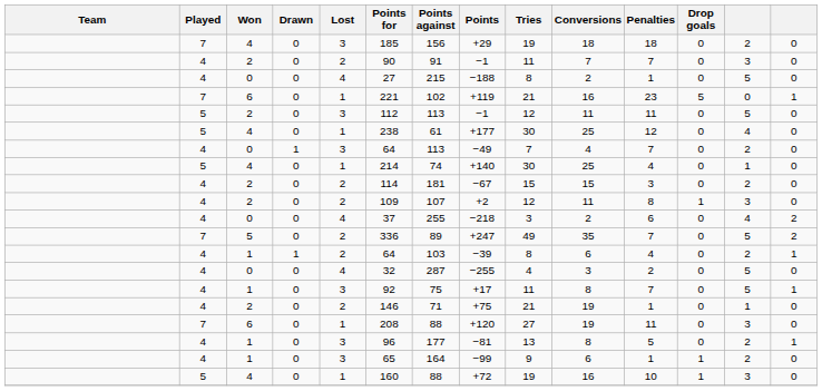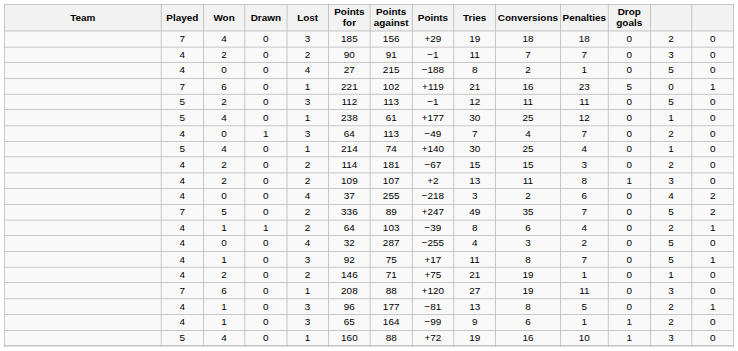 <table class="wikitable sortable" style="text-align:center">
 <tr>
 <th width=246>Team</th>
 <th width="60">Played</th>
 <th width=60>Won</th>
 <th width=60>Drawn</th>
 <th width=60>Lost</th>
 <th width=60>Points<br>for</th>
 <th width=60>Points<br>against</th>
 <th width=60>Points<br></th>
 <th width=60>Tries</th>
 <th width=60>Conversions</th>
 <th width=60>Penalties</th>
 <th width=60>Drop goals</th>
 <th width=60></th>
 <th width=60></th>
 </tr>
 <tr>
 <td align=left></td>
 <td>7</td>
 <td>4</td>
 <td>0</td>
 <td>3</td>
 <td>185</td>
 <td>156</td>
 <td>+29</td>
 <td>19</td>
 <td>18</td>
 <td>18</td>
 <td>0</td>
 <td>2</td>
 <td>0</td>
 </tr>
 <tr>
 <td align=left></td>
 <td>4</td>
 <td>2</td>
 <td>0</td>
 <td>2</td>
 <td>90</td>
 <td>91</td>
 <td>−1</td>
 <td>11</td>
 <td>7</td>
 <td>7</td>
 <td>0</td>
 <td>3</td>
 <td>0</td>
 </tr>
 <tr>
 <td align=left></td>
 <td>4</td>
 <td>0</td>
 <td>0</td>
 <td>4</td>
 <td>27</td>
 <td>215</td>
 <td>−188</td>
 <td>8</td>
 <td>2</td>
 <td>1</td>
 <td>0</td>
 <td>5</td>
 <td>0</td>
 </tr>
 <tr>
 <td align=left></td>
 <td>7</td>
 <td>6</td>
 <td>0</td>
 <td>1</td>
 <td>221</td>
 <td>102</td>
 <td>+119</td>
 <td>21</td>
 <td>16</td>
 <td>23</td>
 <td>5</td>
 <td>0</td>
 <td>1</td>
 </tr>
 <tr>
 <td align=left></td>
 <td>5</td>
 <td>2</td>
 <td>0</td>
 <td>3</td>
 <td>112</td>
 <td>113</td>
 <td>−1</td>
 <td>12</td>
 <td>11</td>
 <td>11</td>
 <td>0</td>
 <td>5</td>
 <td>0</td>
 </tr>
 <tr>
 <td align=left></td>
 <td>5</td>
 <td>4</td>
 <td>0</td>
 <td>1</td>
 <td>238</td>
 <td>61</td>
 <td>+177</td>
 <td>30</td>
 <td>25</td>
 <td>12</td>
 <td>0</td>
-<td>4</td>
+<td>1</td>
 <td>0</td>
 </tr>
 <tr>
 <td align=left></td>
 <td>4</td>
 <td>0</td>
 <td>1</td>
 <td>3</td>
 <td>64</td>
 <td>113</td>
 <td>−49</td>
 <td>7</td>
 <td>4</td>
 <td>7</td>
 <td>0</td>
 <td>2</td>
 <td>0</td>
 </tr>
 <tr>
 <td align=left></td>
 <td>5</td>
 <td>4</td>
 <td>0</td>
 <td>1</td>
 <td>214</td>
 <td>74</td>
 <td>+140</td>
 <td>30</td>
 <td>25</td>
 <td>4</td>
 <td>0</td>
 <td>1</td>
 <td>0</td>
 </tr>
 <tr>
 <td align=left></td>
 <td>4</td>
 <td>2</td>
 <td>0</td>
 <td>2</td>
 <td>114</td>
 <td>181</td>
 <td>−67</td>
 <td>15</td>
 <td>15</td>
 <td>3</td>
 <td>0</td>
 <td>2</td>
 <td>0</td>
 </tr>
 <tr>
 <td align=left></td>
 <td>4</td>
 <td>2</td>
 <td>0</td>
 <td>2</td>
 <td>109</td>
 <td>107</td>
 <td>+2</td>
-<td>12</td>
+<td>13</td>
 <td>11</td>
 <td>8</td>
 <td>1</td>
 <td>3</td>
 <td>0</td>
 </tr>
 <tr>
 <td align=left></td>
 <td>4</td>
 <td>0</td>
 <td>0</td>
 <td>4</td>
 <td>37</td>
 <td>255</td>
 <td>−218</td>
 <td>3</td>
 <td>2</td>
 <td>6</td>
 <td>0</td>
 <td>4</td>
 <td>2</td>
 </tr>
 <tr>
 <td align=left></td>
 <td>7</td>
 <td>5</td>
 <td>0</td>
 <td>2</td>
 <td>336</td>
 <td>89</td>
 <td>+247</td>
 <td>49</td>
 <td>35</td>
 <td>7</td>
 <td>0</td>
 <td>5</td>
 <td>2</td>
 </tr>
 <tr>
 <td align=left></td>
 <td>4</td>
 <td>1</td>
 <td>1</td>
 <td>2</td>
 <td>64</td>
 <td>103</td>
 <td>−39</td>
 <td>8</td>
 <td>6</td>
 <td>4</td>
 <td>0</td>
 <td>2</td>
 <td>1</td>
 </tr>
 <tr>
 <td align=left></td>
 <td>4</td>
 <td>0</td>
 <td>0</td>
 <td>4</td>
 <td>32</td>
 <td>287</td>
 <td>−255</td>
 <td>4</td>
 <td>3</td>
 <td>2</td>
 <td>0</td>
 <td>5</td>
 <td>0</td>
 </tr>
 <tr>
 <td align=left></td>
 <td>4</td>
 <td>1</td>
 <td>0</td>
 <td>3</td>
 <td>92</td>
 <td>75</td>
 <td>+17</td>
 <td>11</td>
 <td>8</td>
 <td>7</td>
 <td>0</td>
 <td>5</td>
 <td>1</td>
 </tr>
 <tr>
 <td align=left></td>
 <td>4</td>
 <td>2</td>
 <td>0</td>
 <td>2</td>
 <td>146</td>
 <td>71</td>
 <td>+75</td>
 <td>21</td>
 <td>19</td>
 <td>1</td>
 <td>0</td>
 <td>1</td>
 <td>0</td>
 </tr>
 <tr>
 <td align=left></td>
 <td>7</td>
 <td>6</td>
 <td>0</td>
 <td>1</td>
 <td>208</td>
 <td>88</td>
 <td>+120</td>
 <td>27</td>
 <td>19</td>
 <td>11</td>
 <td>0</td>
 <td>3</td>
 <td>0</td>
 </tr>
 <tr>
 <td align=left></td>
 <td>4</td>
 <td>1</td>
 <td>0</td>
 <td>3</td>
 <td>96</td>
 <td>177</td>
 <td>−81</td>
 <td>13</td>
 <td>8</td>
 <td>5</td>
 <td>0</td>
 <td>2</td>
 <td>1</td>
 </tr>
 <tr>
 <td align=left></td>
 <td>4</td>
 <td>1</td>
 <td>0</td>
 <td>3</td>
 <td>65</td>
 <td>164</td>
 <td>−99</td>
 <td>9</td>
 <td>6</td>
 <td>1</td>
 <td>1</td>
 <td>2</td>
 <td>0</td>
 </tr>
 <tr>
 <td align=left></td>
 <td>5</td>
 <td>4</td>
 <td>0</td>
 <td>1</td>
 <td>160</td>
 <td>88</td>
 <td>+72</td>
 <td>19</td>
 <td>16</td>
 <td>10</td>
 <td>1</td>
 <td>3</td>
 <td>0</td>
 </tr>
 <tr>
 </tr>
 </table>
